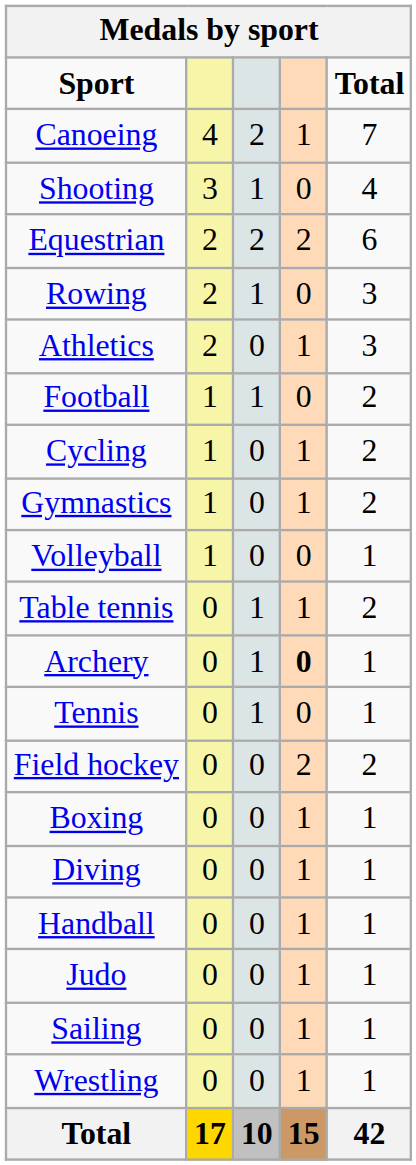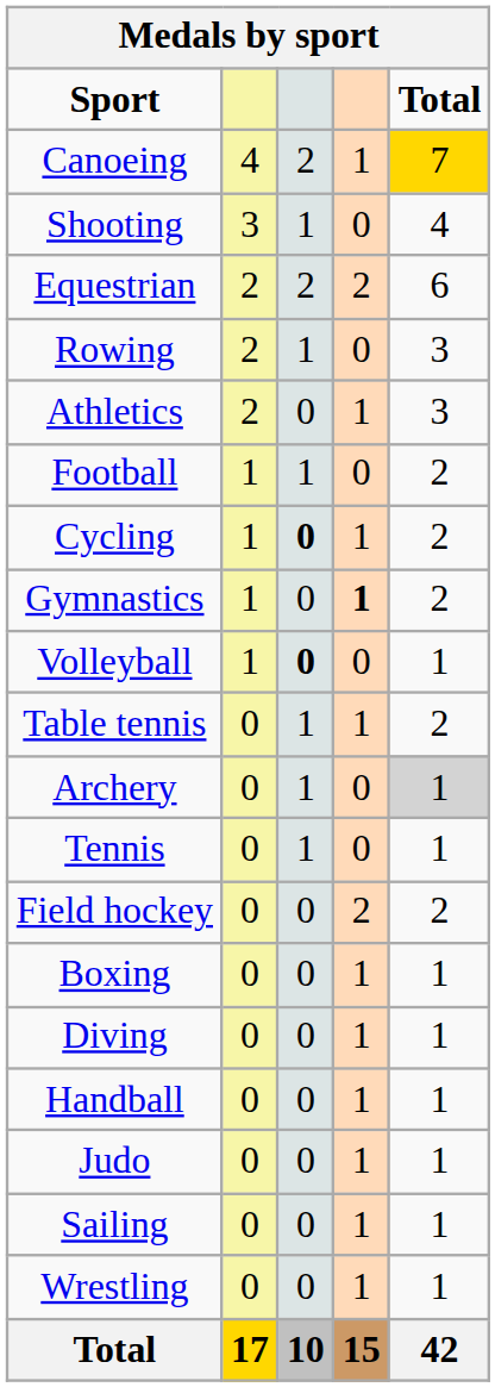 <table class="wikitable" style="font-size:85%; float:right;">
 <tr style="background:#efefef;">
 <th colspan=7>Medals by sport</th>
 </tr>
 <tr align=center>
 <td><strong>Sport</strong></td>
 <td style="background:#f7f6a8;"></td>
 <td style="background:#dce5e5;"></td>
 <td style="background:#ffdab9;"></td>
 <td><strong>Total</strong></td>
 </tr>
 <tr align=center>
 <td><a href='#'>Canoeing</a></td>
 <td style="background:#f7f6a8;">4</td>
 <td style="background:#dce5e5;">2</td>
 <td style="background:#ffdab9;">1</td>
-<td>7</td>
+<td style="background: gold;">7</td>
 </tr>
 <tr align=center>
 <td><a href='#'>Shooting</a></td>
 <td style="background:#f7f6a8;">3</td>
 <td style="background:#dce5e5;">1</td>
 <td style="background:#ffdab9;">0</td>
 <td>4</td>
 </tr>
 <tr align=center>
 <td><a href='#'>Equestrian</a></td>
 <td style="background:#f7f6a8;">2</td>
 <td style="background:#dce5e5;">2</td>
 <td style="background:#ffdab9;">2</td>
 <td>6</td>
 </tr>
 <tr align=center>
 <td><a href='#'>Rowing</a></td>
 <td style="background:#f7f6a8;">2</td>
 <td style="background:#dce5e5;">1</td>
 <td style="background:#ffdab9;">0</td>
 <td>3</td>
 </tr>
 <tr align=center>
 <td><a href='#'>Athletics</a></td>
 <td style="background:#f7f6a8;">2</td>
 <td style="background:#dce5e5;">0</td>
 <td style="background:#ffdab9;">1</td>
 <td>3</td>
 </tr>
 <tr align=center>
 <td><a href='#'>Football</a></td>
 <td style="background:#f7f6a8;">1</td>
 <td style="background:#dce5e5;">1</td>
 <td style="background:#ffdab9;">0</td>
 <td>2</td>
 </tr>
 <tr align=center>
 <td><a href='#'>Cycling</a></td>
 <td style="background:#f7f6a8;">1</td>
-<td style="background:#dce5e5;">0</td>
+<td style="background:#dce5e5;"><strong>0</strong></td>
 <td style="background:#ffdab9;">1</td>
 <td>2</td>
 </tr>
 <tr align=center>
 <td><a href='#'>Gymnastics</a></td>
 <td style="background:#f7f6a8;">1</td>
 <td style="background:#dce5e5;">0</td>
-<td style="background:#ffdab9;">1</td>
+<td style="background:#ffdab9;"><strong>1</strong></td>
 <td>2</td>
 </tr>
 <tr align=center>
 <td><a href='#'>Volleyball</a></td>
 <td style="background:#f7f6a8;">1</td>
-<td style="background:#dce5e5;">0</td>
+<td style="background:#dce5e5;"><strong>0</strong></td>
 <td style="background:#ffdab9;">0</td>
 <td>1</td>
 </tr>
 <tr align=center>
 <td><a href='#'>Table tennis</a></td>
 <td style="background:#f7f6a8;">0</td>
 <td style="background:#dce5e5;">1</td>
 <td style="background:#ffdab9;">1</td>
 <td>2</td>
 </tr>
 <tr align=center>
 <td><a href='#'>Archery</a></td>
 <td style="background:#f7f6a8;">0</td>
 <td style="background:#dce5e5;">1</td>
-<td style="background:#ffdab9;"><strong>0</strong></td>
-<td>1</td>
+<td style="background:#ffdab9;">0</td>
+<td style="background: lightgrey;">1</td>
 </tr>
 <tr align=center>
 <td><a href='#'>Tennis</a></td>
 <td style="background:#f7f6a8;">0</td>
 <td style="background:#dce5e5;">1</td>
 <td style="background:#ffdab9;">0</td>
 <td>1</td>
 </tr>
 <tr align=center>
 <td><a href='#'>Field hockey</a></td>
 <td style="background:#f7f6a8;">0</td>
 <td style="background:#dce5e5;">0</td>
 <td style="background:#ffdab9;">2</td>
 <td>2</td>
 </tr>
 <tr align=center>
 <td><a href='#'>Boxing</a></td>
 <td style="background:#f7f6a8;">0</td>
 <td style="background:#dce5e5;">0</td>
 <td style="background:#ffdab9;">1</td>
 <td>1</td>
 </tr>
 <tr align=center>
 <td><a href='#'>Diving</a></td>
 <td style="background:#f7f6a8;">0</td>
 <td style="background:#dce5e5;">0</td>
 <td style="background:#ffdab9;">1</td>
 <td>1</td>
 </tr>
 <tr align=center>
 <td><a href='#'>Handball</a></td>
 <td style="background:#f7f6a8;">0</td>
 <td style="background:#dce5e5;">0</td>
 <td style="background:#ffdab9;">1</td>
 <td>1</td>
 </tr>
 <tr align=center>
 <td><a href='#'>Judo</a></td>
 <td style="background:#f7f6a8;">0</td>
 <td style="background:#dce5e5;">0</td>
 <td style="background:#ffdab9;">1</td>
 <td>1</td>
 </tr>
 <tr align=center>
 <td><a href='#'>Sailing</a></td>
 <td style="background:#f7f6a8;">0</td>
 <td style="background:#dce5e5;">0</td>
 <td style="background:#ffdab9;">1</td>
 <td>1</td>
 </tr>
 <tr align=center>
 <td><a href='#'>Wrestling</a></td>
 <td style="background:#f7f6a8;">0</td>
 <td style="background:#dce5e5;">0</td>
 <td style="background:#ffdab9;">1</td>
 <td>1</td>
 </tr>
 <tr align=center>
 <th>Total</th>
 <th style="background:gold;">17</th>
 <th style="background:silver;">10</th>
 <th style="background:#c96;">15</th>
 <th>42</th>
 </tr>
 </table>
